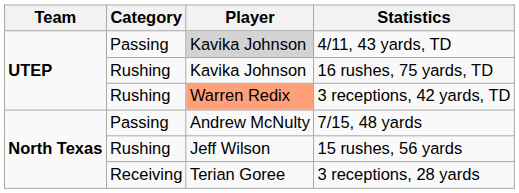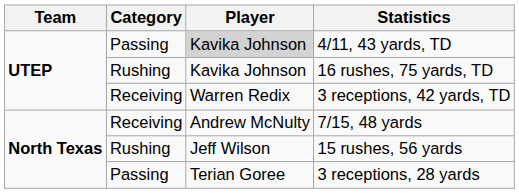 <table class="wikitable" style="float: left;">
 <tr>
 <th>Team</th>
 <th>Category</th>
 <th>Player</th>
 <th>Statistics</th>
 </tr>
 <tr>
 <td rowspan=3><strong>UTEP</strong></td>
 <td>Passing</td>
 <td style="background: lightgrey;">Kavika Johnson</td>
 <td>4/11, 43 yards, TD</td>
 </tr>
 <tr>
 <td>Rushing</td>
 <td>Kavika Johnson</td>
 <td>16 rushes, 75 yards, TD</td>
 </tr>
 <tr>
-<td>Rushing</td>
-<td style="background: lightsalmon;">Warren Redix</td>
+<td>Receiving</td>
+<td>Warren Redix</td>
 <td>3 receptions, 42 yards, TD</td>
 </tr>
 <tr>
 <td rowspan=3><strong>North Texas</strong></td>
-<td>Passing</td>
+<td>Receiving</td>
 <td>Andrew McNulty</td>
 <td>7/15, 48 yards</td>
 </tr>
 <tr>
 <td>Rushing</td>
 <td>Jeff Wilson</td>
 <td>15 rushes, 56 yards</td>
 </tr>
 <tr>
-<td>Receiving</td>
+<td>Passing</td>
 <td>Terian Goree</td>
 <td>3 receptions, 28 yards</td>
 </tr>
 </table>
